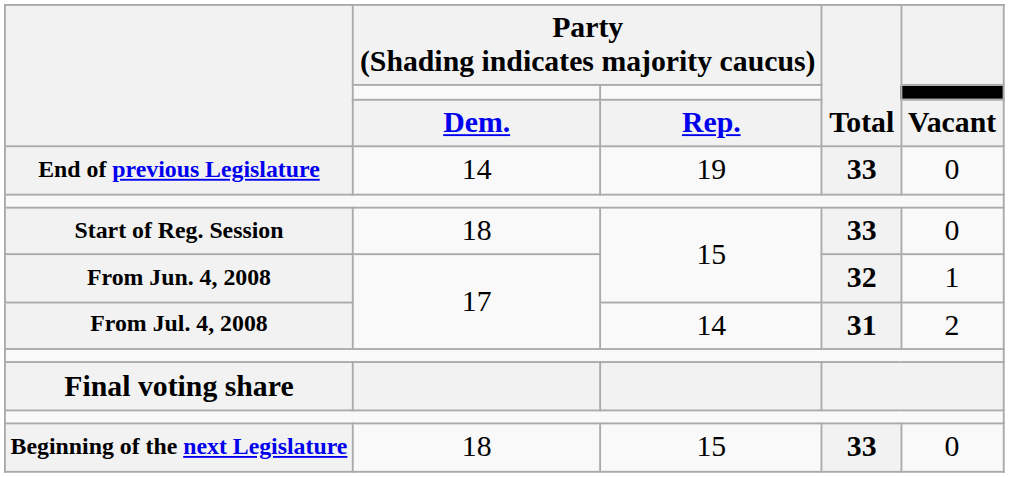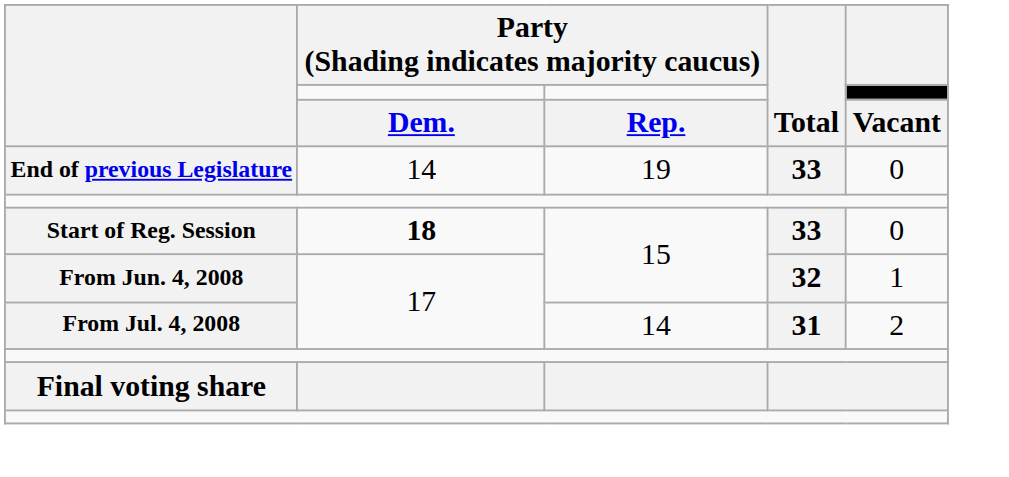 <table class=wikitable style="text-align:center">
 <tr style="vertical-align:bottom;">
 <th rowspan=3></th>
 <th colspan=2>Party <div>(Shading indicates majority caucus)</div></th>
 <th rowspan=3>Total</th>
 <th></th>
 </tr>
 <tr style="height:5px">
 <td style="background-color:"></td>
 <td style="background-color:"></td>
 <td style="background:black;"></td>
 </tr>
 <tr>
 <th><a href='#'>Dem.</a></th>
 <th><a href='#'>Rep.</a></th>
 <th>Vacant</th>
 </tr>
 <tr>
 <th style="font-size:80%;">End of <a href='#'>previous Legislature</a></th>
 <td>14</td>
 <td>19</td>
 <th>33</th>
 <td>0</td>
 </tr>
 <tr>
 <td colspan=5></td>
 </tr>
 <tr>
 <th style="font-size:80%;">Start of Reg. Session</th>
-<td>18</td>
+<td><strong>18</strong></td>
 <td rowspan="2">15</td>
 <th>33</th>
 <td>0</td>
 </tr>
 <tr>
 <th style="font-size:80%;">From Jun. 4, 2008</th>
 <td rowspan="2" >17</td>
 <th>32</th>
 <td>1</td>
 </tr>
 <tr>
 <th style="font-size:80%;">From Jul. 4, 2008</th>
 <td>14</td>
 <th>31</th>
 <td>2</td>
 </tr>
 <tr>
 <td colspan=5></td>
 </tr>
 <tr>
 <th>Final voting share</th>
 <th></th>
 <th></th>
 <th colspan=2></th>
 </tr>
 <tr>
 <td colspan=5></td>
 </tr>
-<tr>
-<th style="font-size:80%;">Beginning of the <a href='#'>next Legislature</a></th>
-<td>18</td>
-<td>15</td>
-<th>33</th>
-<td>0</td>
-</tr>
 </table>
